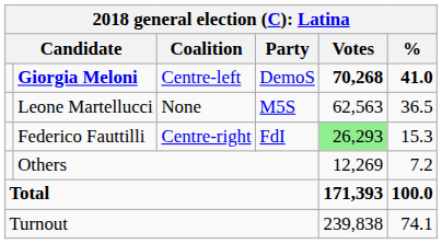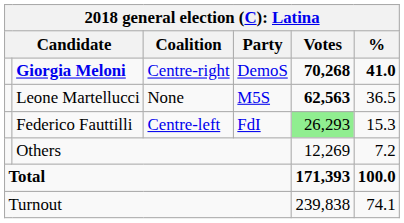 <table class=wikitable style="text-align:right">
 <tr>
 <th colspan=6>2018 general election (<a href='#'>C</a>): <a href='#'>Latina</a></th>
 </tr>
 <tr>
 <th colspan=2>Candidate</th>
 <th>Coalition</th>
 <th>Party</th>
 <th>Votes</th>
 <th>%</th>
 </tr>
 <tr>
 <td></td>
 <td align=left><strong><a href='#'>Giorgia Meloni</a></strong></td>
-<td align=left><a href='#'>Centre-left</a></td>
+<td align=left><a href='#'>Centre-right</a></td>
 <td align=left><a href='#'>DemoS</a></td>
 <td><strong>70,268</strong></td>
 <td><strong>41.0</strong></td>
 </tr>
 <tr>
 <td></td>
 <td align=left>Leone Martellucci</td>
 <td align=left>None</td>
 <td align=left><a href='#'>M5S</a></td>
-<td>62,563</td>
+<td><strong>62,563</strong></td>
 <td>36.5</td>
 </tr>
 <tr>
 <td></td>
 <td align=left>Federico Fauttilli</td>
-<td align=left><a href='#'>Centre-right</a></td>
+<td align=left><a href='#'>Centre-left</a></td>
 <td align=left><a href='#'>FdI</a></td>
 <td style="background: lightgreen;">26,293</td>
 <td>15.3</td>
 </tr>
 <tr>
 <td></td>
 <td align=left colspan=3>Others</td>
 <td>12,269</td>
 <td>7.2</td>
 </tr>
 <tr>
 <td align=left colspan=4><strong>Total</strong></td>
 <td><strong>171,393</strong></td>
 <td><strong>100.0</strong></td>
 </tr>
 <tr>
 <td align=left colspan=4>Turnout</td>
 <td>239,838</td>
 <td>74.1</td>
 </tr>
 </table>
